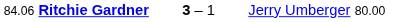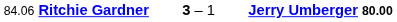 <table style="text-align:center">
 <tr>
 <th width=223></th>
 <th width=100></th>
 <th width=223></th>
 </tr>
 <tr>
 <td align=right><small>84.06</small> <strong><a href='#'>Ritchie Gardner</a></strong> </td>
 <td><strong>3</strong> – 1</td>
-<td align=left> <a href='#'>Jerry Umberger</a> <small>80.00</small></td>
+<td align=left><strong> <a href='#'>Jerry Umberger</a> <small>80.00</small></strong></td>
 </tr>
 </table>
